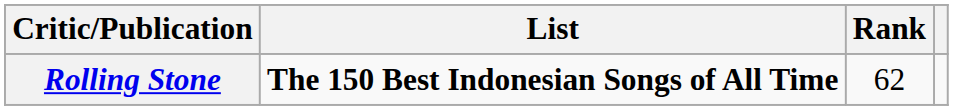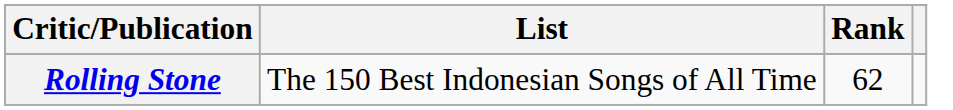 <table class="wikitable plainrowheaders sortable">
 <tr>
 <th>Critic/Publication</th>
 <th scope="col" class="unsortable">List</th>
 <th data-sort-type="number">Rank</th>
 <th scope="col" class="unsortable"></th>
 </tr>
 <tr>
 <th scope="row"><em><a href='#'>Rolling Stone</a></em></th>
-<td><strong>The 150 Best Indonesian Songs of All Time</strong></td>
+<td>The 150 Best Indonesian Songs of All Time</td>
 <td style="text-align:center">62</td>
 <td style="text-align:center"></td>
 </tr>
 </table>
